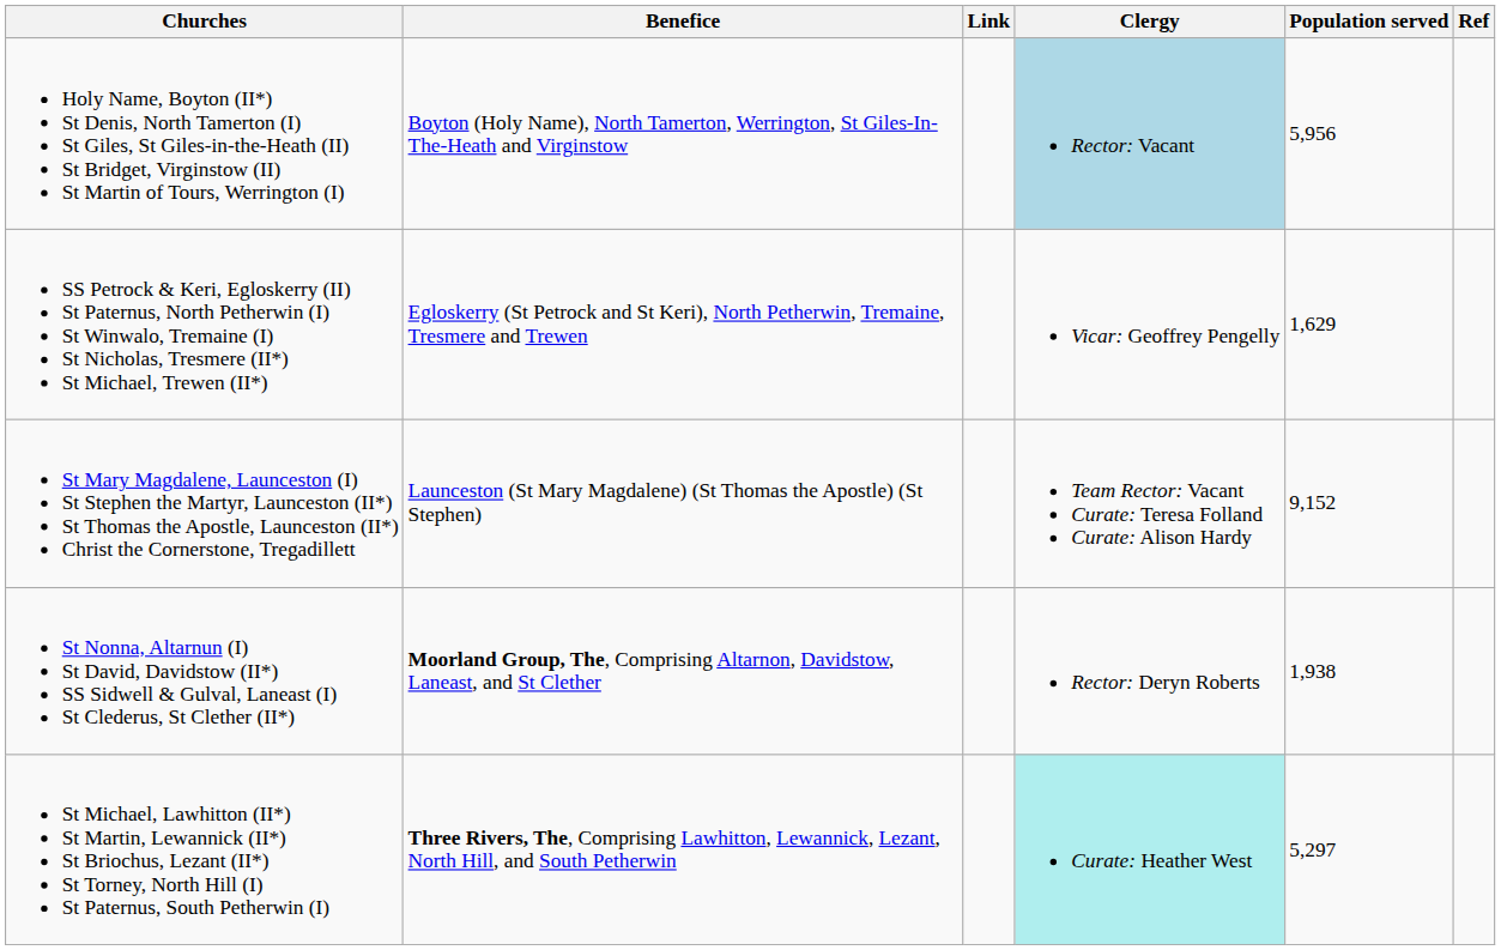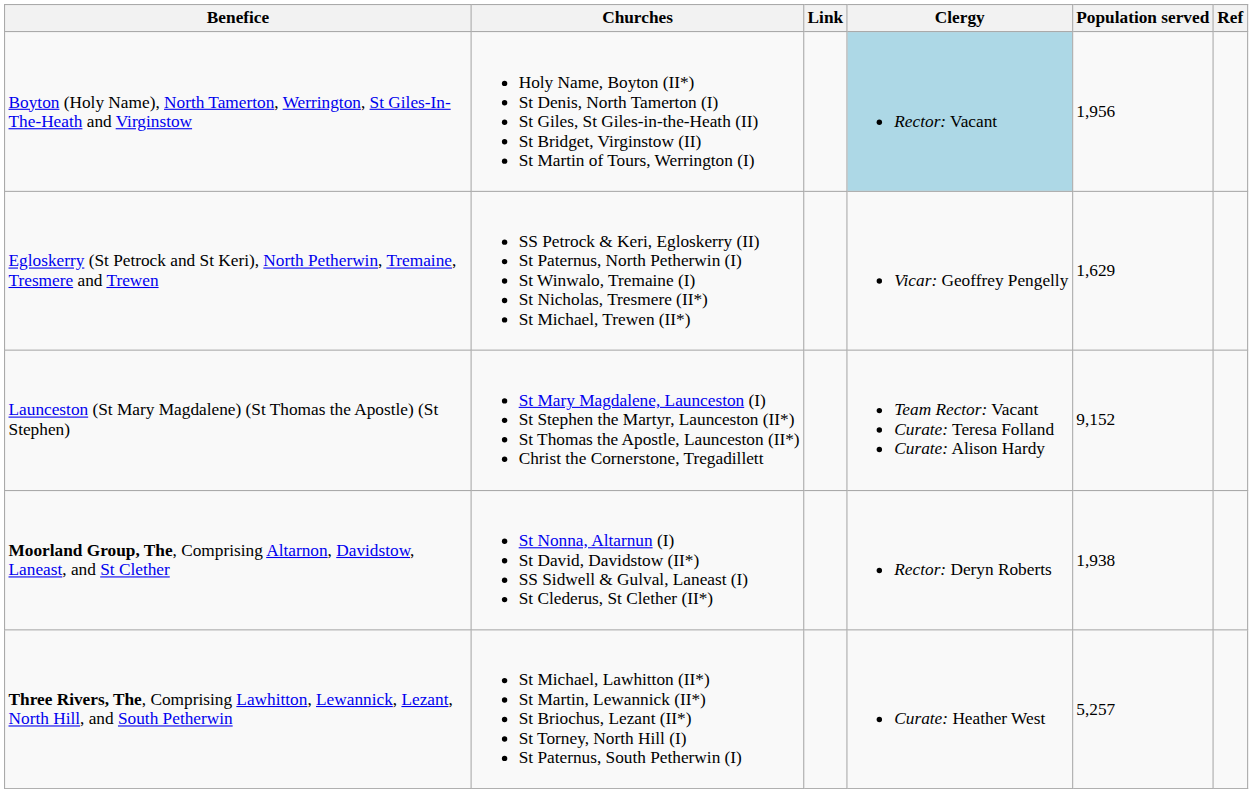 <table class="wikitable">
 <tr Churches>
+<th width="425">Benefice</th>
 <th>Churches</th>
-<th width="425">Benefice</th>
 <th>Link</th>
 <th>Clergy</th>
 <th>Population served</th>
 <th>Ref</th>
 </tr>
 <tr>
+<td><a href='#'>Boyton</a> (Holy Name), <a href='#'>North Tamerton</a>, <a href='#'>Werrington</a>, <a href='#'>St Giles-In-The-Heath</a> and <a href='#'>Virginstow</a></td>
 <td><br><ul><li>Holy Name, Boyton (II*)</li><li>St Denis, North Tamerton (I)</li><li>St Giles, St Giles-in-the-Heath (II)</li><li>St Bridget, Virginstow (II)</li><li>St Martin of Tours, Werrington (I)</li></ul></td>
-<td><a href='#'>Boyton</a> (Holy Name), <a href='#'>North Tamerton</a>, <a href='#'>Werrington</a>, <a href='#'>St Giles-In-The-Heath</a> and <a href='#'>Virginstow</a></td>
 <td></td>
 <td style="background: lightblue;"><br><ul><li><em>Rector:</em> Vacant</li></ul></td>
-<td>5,956</td>
+<td>1,956</td>
 <td></td>
 </tr>
 <tr>
+<td><a href='#'>Egloskerry</a> (St Petrock and St Keri), <a href='#'>North Petherwin</a>, <a href='#'>Tremaine</a>, <a href='#'>Tresmere</a> and <a href='#'>Trewen</a></td>
 <td><br><ul><li>SS Petrock & Keri, Egloskerry (II)</li><li>St Paternus, North Petherwin (I)</li><li>St Winwalo, Tremaine (I)</li><li>St Nicholas, Tresmere (II*)</li><li>St Michael, Trewen (II*)</li></ul></td>
-<td><a href='#'>Egloskerry</a> (St Petrock and St Keri), <a href='#'>North Petherwin</a>, <a href='#'>Tremaine</a>, <a href='#'>Tresmere</a> and <a href='#'>Trewen</a></td>
 <td></td>
 <td><br><ul><li><em>Vicar:</em> Geoffrey Pengelly</li></ul></td>
 <td>1,629</td>
 <td></td>
 </tr>
 <tr>
+<td><a href='#'>Launceston</a> (St Mary Magdalene) (St Thomas the Apostle) (St Stephen)</td>
 <td><br><ul><li><a href='#'>St Mary Magdalene, Launceston</a> (I)</li><li>St Stephen the Martyr, Launceston (II*)</li><li>St Thomas the Apostle, Launceston (II*)</li><li>Christ the Cornerstone, Tregadillett</li></ul></td>
-<td><a href='#'>Launceston</a> (St Mary Magdalene) (St Thomas the Apostle) (St Stephen)</td>
 <td></td>
 <td><br><ul><li><em>Team Rector:</em> Vacant</li><li><em>Curate:</em> Teresa Folland</li><li><em>Curate:</em> Alison Hardy</li></ul></td>
 <td>9,152</td>
 <td></td>
 </tr>
 <tr>
+<td><strong>Moorland Group, The</strong>, Comprising <a href='#'>Altarnon</a>, <a href='#'>Davidstow</a>, <a href='#'>Laneast</a>, and <a href='#'>St Clether</a></td>
 <td><br><ul><li><a href='#'>St Nonna, Altarnun</a> (I)</li><li>St David, Davidstow (II*)</li><li>SS Sidwell & Gulval, Laneast (I)</li><li>St Clederus, St Clether (II*)</li></ul></td>
-<td><strong>Moorland Group, The</strong>, Comprising <a href='#'>Altarnon</a>, <a href='#'>Davidstow</a>, <a href='#'>Laneast</a>, and <a href='#'>St Clether</a></td>
 <td></td>
 <td><br><ul><li><em>Rector:</em> Deryn Roberts</li></ul></td>
 <td>1,938</td>
 <td></td>
 </tr>
 <tr>
+<td><strong>Three Rivers, The</strong>, Comprising <a href='#'>Lawhitton</a>, <a href='#'>Lewannick</a>, <a href='#'>Lezant</a>, <a href='#'>North Hill</a>, and <a href='#'>South Petherwin</a></td>
 <td><br><ul><li>St Michael, Lawhitton (II*)</li><li>St Martin, Lewannick (II*)</li><li>St Briochus, Lezant (II*)</li><li>St Torney, North Hill (I)</li><li>St Paternus, South Petherwin (I)</li></ul></td>
-<td><strong>Three Rivers, The</strong>, Comprising <a href='#'>Lawhitton</a>, <a href='#'>Lewannick</a>, <a href='#'>Lezant</a>, <a href='#'>North Hill</a>, and <a href='#'>South Petherwin</a></td>
 <td></td>
-<td style="background: paleturquoise;"><br><ul><li><em>Curate:</em> Heather West</li></ul></td>
-<td>5,297</td>
+<td><br><ul><li><em>Curate:</em> Heather West</li></ul></td>
+<td>5,257</td>
 <td></td>
 </tr>
 </table>
